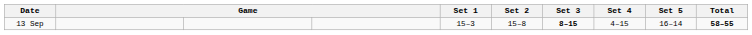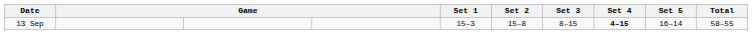 <table width=1200 class="wikitable">
 <tr>
 <th width=6%>Date</th>
 <th width=45% colspan=3>Game</th>
 <th width=6%>Set 1</th>
 <th width=6%>Set 2</th>
 <th width=6%>Set 3</th>
 <th width=6%>Set 4</th>
 <th width=6%>Set 5</th>
 <th width=6%>Total</th>
 </tr>
 <tr style=font-size:95%>
 <td align=center>13 Sep</td>
 <td align=center><strong></strong></td>
 <td></td>
 <td></td>
 <td align=center>15–3</td>
 <td align=center>15–8</td>
-<td align=center><strong>8–15</strong></td>
-<td align=center>4–15</td>
+<td align=center>8–15</td>
+<td align=center><strong>4–15</strong></td>
 <td align=center>16–14</td>
-<td align=center><strong>58–55</strong></td>
+<td align=center>58–55</td>
 </tr>
 </table>
